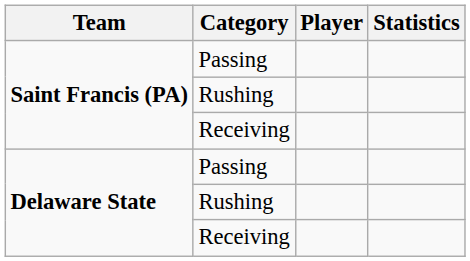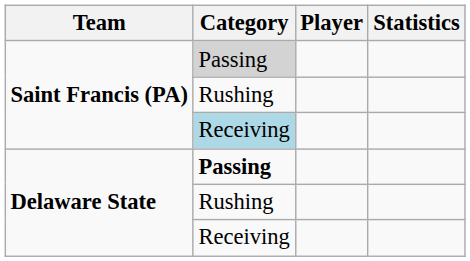 <table class="wikitable" style="float: right;">
 <tr>
 <th>Team</th>
 <th>Category</th>
 <th>Player</th>
 <th>Statistics</th>
 </tr>
 <tr>
 <td rowspan=3><strong>Saint Francis (PA)</strong></td>
-<td>Passing</td>
+<td style="background: lightgrey;">Passing</td>
 <td></td>
 <td></td>
 </tr>
 <tr>
 <td>Rushing</td>
 <td></td>
 <td></td>
 </tr>
 <tr>
-<td>Receiving</td>
+<td style="background: lightblue;">Receiving</td>
 <td></td>
 <td></td>
 </tr>
 <tr>
 <td rowspan=3><strong>Delaware State</strong></td>
-<td>Passing</td>
+<td><strong>Passing</strong></td>
 <td></td>
 <td></td>
 </tr>
 <tr>
 <td>Rushing</td>
 <td></td>
 <td></td>
 </tr>
 <tr>
 <td>Receiving</td>
 <td></td>
 <td></td>
 </tr>
 </table>
